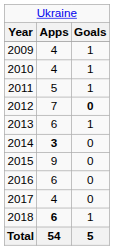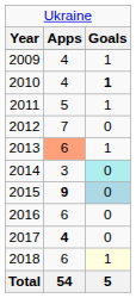 <table class="wikitable" style="text-align:center">
 <tr>
 <td colspan=6><a href='#'>Ukraine</a></td>
 </tr>
 <tr>
 <th>Year</th>
 <th width="40">Apps</th>
 <th width="40">Goals</th>
 </tr>
 <tr>
 </tr>
 <tr>
 <td>2009</td>
 <td>4</td>
 <td>1</td>
 </tr>
 <tr>
 <td>2010</td>
 <td>4</td>
-<td>1</td>
+<td><strong>1</strong></td>
 </tr>
 <tr>
 <td>2011</td>
 <td>5</td>
 <td>1</td>
 </tr>
 <tr>
 <td>2012</td>
 <td>7</td>
-<td><strong>0</strong></td>
+<td>0</td>
 </tr>
 <tr>
 <td>2013</td>
-<td>6</td>
+<td style="background: lightsalmon;">6</td>
 <td>1</td>
 </tr>
 <tr>
 <td>2014</td>
-<td><strong>3</strong></td>
-<td>0</td>
+<td>3</td>
+<td style="background: paleturquoise;">0</td>
 </tr>
 <tr>
 <td>2015</td>
-<td>9</td>
-<td>0</td>
+<td><strong>9</strong></td>
+<td style="background: lightblue;">0</td>
 </tr>
 <tr>
 <td>2016</td>
 <td>6</td>
 <td>0</td>
 </tr>
 <tr>
 <td>2017</td>
-<td>4</td>
+<td><strong>4</strong></td>
 <td>0</td>
 </tr>
 <tr>
 <td>2018</td>
-<td><strong>6</strong></td>
-<td>1</td>
+<td>6</td>
+<td style="background: lightyellow;">1</td>
 </tr>
 <tr>
 <th>Total</th>
 <th>54</th>
 <th>5</th>
 </tr>
 </table>
